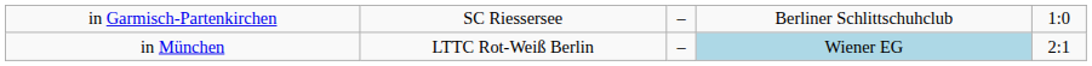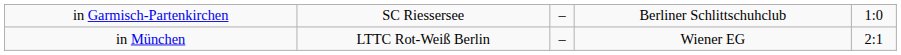 <table class="wikitable" width="50%">
 <tr align="center">
 <td>in <a href='#'>Garmisch-Partenkirchen</a></td>
 <td>SC Riessersee</td>
 <td>–</td>
 <td>Berliner Schlittschuhclub</td>
 <td>1:0</td>
 </tr>
 <tr align="center">
 <td>in <a href='#'>München</a></td>
 <td>LTTC Rot-Weiß Berlin</td>
 <td>–</td>
-<td style="background: lightblue;">Wiener EG</td>
+<td>Wiener EG</td>
 <td>2:1</td>
 </tr>
 </table>
